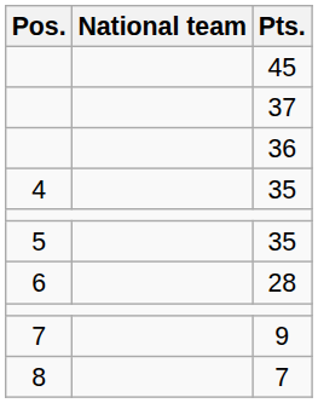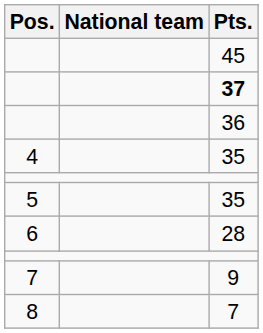 <table class=wikitable style="font-size: 95%">
 <tr>
 <th>Pos.</th>
 <th>National team</th>
 <th>Pts.</th>
 </tr>
 <tr align=center>
 <td></td>
 <td align=left></td>
 <td>45</td>
 </tr>
 <tr align=center>
 <td></td>
 <td align=left></td>
-<td>37</td>
+<td><strong>37</strong></td>
 </tr>
 <tr align=center>
 <td></td>
 <td align=left></td>
 <td>36</td>
 </tr>
 <tr align=center>
 <td>4</td>
 <td align=left></td>
 <td>35</td>
 </tr>
 <tr>
 <td colspan=3 ></td>
 </tr>
 <tr align=center>
 <td>5</td>
 <td align=left></td>
 <td>35</td>
 </tr>
 <tr align=center>
 <td>6</td>
 <td align=left></td>
 <td>28</td>
 </tr>
 <tr>
 <td colspan=3 ></td>
 </tr>
 <tr align=center>
 <td>7</td>
 <td align=left></td>
 <td>9</td>
 </tr>
 <tr align=center>
 <td>8</td>
 <td align=left></td>
 <td>7</td>
 </tr>
 </table>
